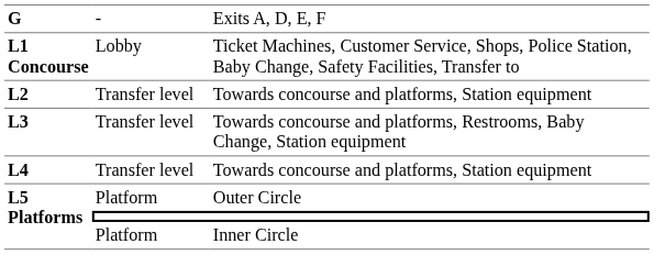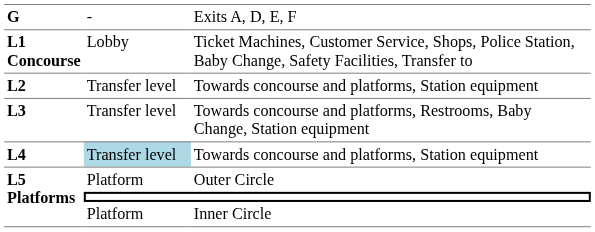 <table table border=0 cellspacing=0 cellpadding=3>
 <tr>
 <td style="border-top:solid 1px gray;" width=50 valign=top><strong>G</strong></td>
 <td style="border-top:solid 1px gray;" width=100 valign=top>-</td>
 <td style="border-top:solid 1px gray;" width=390 valign=top>Exits A, D, E, F</td>
 </tr>
 <tr>
 <td style="border-bottom:solid 0px gray; border-top:solid 1px gray;" valign=top><strong>L1<br>Concourse</strong></td>
 <td style="border-bottom:solid 0px gray; border-top:solid 1px gray;" valign=top>Lobby</td>
 <td style="border-bottom:solid 0px gray; border-top:solid 1px gray;" valign=top>Ticket Machines, Customer Service, Shops, Police Station, Baby Change, Safety Facilities, Transfer to </td>
 </tr>
 <tr>
 <td style="border-top:solid 1px gray;" valign=top><strong>L2</strong></td>
 <td style="border-top:solid 1px gray;" valign=top>Transfer level</td>
 <td style="border-top:solid 1px gray;" valign=top>Towards concourse and platforms, Station equipment</td>
 </tr>
 <tr>
 <td style="border-top:solid 1px gray;" valign=top><strong>L3</strong></td>
 <td style="border-top:solid 1px gray;" valign=top>Transfer level</td>
 <td style="border-top:solid 1px gray;" valign=top>Towards concourse and platforms, Restrooms, Baby Change, Station equipment</td>
 </tr>
 <tr>
 <td style="border-top:solid 1px gray;" valign=top><strong>L4</strong></td>
-<td style="border-top:solid 1px gray;" valign=top>Transfer level</td>
+<td style="background: lightblue; border-top:solid 1px gray;" valign=top>Transfer level</td>
 <td style="border-top:solid 1px gray;" valign=top>Towards concourse and platforms, Station equipment</td>
 </tr>
 <tr>
 <td style="border-top:solid 1px gray; border-bottom:solid 1px gray;" valign=top rowspan=3><strong>L5<br>Platforms</strong></td>
 <td style="border-top:solid 1px gray;">Platform </td>
 <td style="border-top:solid 1px gray;">  Outer Circle </td>
 </tr>
 <tr>
 <td style="border-top:solid 2px black;border-right:solid 2px black;border-left:solid 2px black;border-bottom:solid 2px black;text-align:center;" colspan=2></td>
 </tr>
 <tr>
 <td style="border-bottom:solid 1px gray;">Platform </td>
 <td style="border-bottom:solid 1px gray;"> Inner Circle  </td>
 </tr>
 </table>
